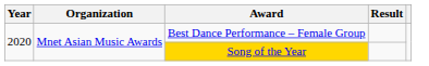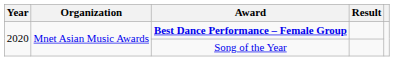 <table class="wikitable">
 <tr>
 <th>Year</th>
 <th>Organization</th>
 <th>Award</th>
 <th>Result</th>
 <th></th>
 </tr>
 <tr>
 <td align=center rowspan=2>2020</td>
 <td align=center rowspan=2><a href='#'>Mnet Asian Music Awards</a></td>
-<td align=center><a href='#'>Best Dance Performance – Female Group</a></td>
+<td align=center><strong><a href='#'>Best Dance Performance – Female Group</a></strong></td>
 <td></td>
 <td align=center rowspan=2></td>
 </tr>
 <tr>
-<td align="center" style="background: gold;"><a href='#'>Song of the Year</a></td>
+<td align="center"><a href='#'>Song of the Year</a></td>
 <td></td>
 </tr>
 </table>
